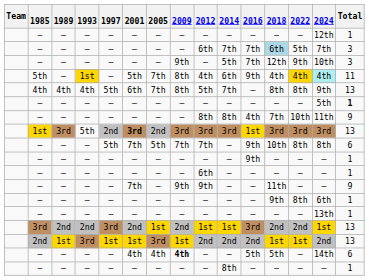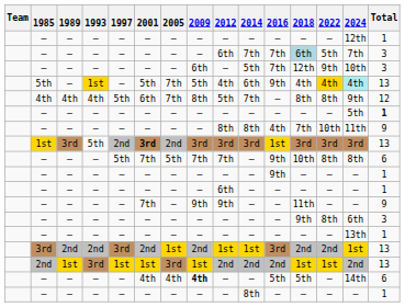 <table class="wikitable sortable" style="text-align:center; font-size:90%">
 <tr>
 <th>Team</th>
 <th><br>1985</th>
 <th><br>1989</th>
 <th><br>1993</th>
 <th><br>1997</th>
 <th><br>2001</th>
 <th><br>2005</th>
 <th><br><a href='#'>2009</a></th>
 <th><br><a href='#'>2012</a></th>
 <th><br><a href='#'>2014</a></th>
 <th><br><a href='#'>2016</a></th>
 <th><br><a href='#'>2018</a></th>
 <th><br><a href='#'>2022</a></th>
 <th><br><a href='#'>2024</a></th>
 <th>Total</th>
 </tr>
 <tr>
 <td align="left"></td>
 <td>–</td>
 <td>–</td>
 <td>–</td>
 <td>–</td>
 <td>–</td>
 <td>–</td>
 <td>–</td>
 <td>–</td>
 <td>–</td>
 <td>–</td>
 <td>–</td>
 <td>–</td>
 <td>12th</td>
 <td>1</td>
 </tr>
 <tr>
 <td align="left"></td>
 <td>–</td>
 <td>–</td>
 <td>–</td>
 <td>–</td>
 <td>–</td>
 <td>–</td>
 <td>–</td>
 <td>6th</td>
 <td>7th</td>
 <td>7th</td>
 <td style="background: lightblue;">6th</td>
 <td>5th</td>
 <td>7th</td>
 <td>3</td>
 </tr>
 <tr>
 <td align="left"></td>
 <td>–</td>
 <td>–</td>
 <td>–</td>
 <td>–</td>
 <td>–</td>
 <td>–</td>
-<td>9th</td>
+<td>6th</td>
 <td>–</td>
 <td>5th</td>
 <td>7th</td>
 <td>12th</td>
 <td>9th</td>
 <td>10th</td>
 <td>3</td>
 </tr>
 <tr>
 <td align="left"></td>
 <td>5th</td>
 <td>–</td>
 <td bgcolor="#FFD700">1st</td>
 <td>–</td>
 <td>5th</td>
 <td>7th</td>
-<td>8th</td>
+<td>5th</td>
 <td>4th</td>
 <td>6th</td>
 <td>9th</td>
 <td>4th</td>
 <td style="background: gold;">4th</td>
 <td style="background: paleturquoise;">4th</td>
-<td>11</td>
+<td>13</td>
 </tr>
 <tr>
 <td align="left"></td>
 <td>4th</td>
 <td>4th</td>
 <td>4th</td>
 <td>5th</td>
 <td>6th</td>
 <td>7th</td>
 <td>8th</td>
 <td>5th</td>
 <td>7th</td>
 <td>–</td>
 <td>8th</td>
 <td>8th</td>
 <td>9th</td>
-<td>13</td>
+<td>12</td>
 </tr>
 <tr>
 <td align="left"></td>
 <td>–</td>
 <td>–</td>
 <td>–</td>
 <td>–</td>
 <td>–</td>
 <td>–</td>
 <td>–</td>
 <td>–</td>
 <td>–</td>
 <td>–</td>
 <td>–</td>
 <td>–</td>
 <td>5th</td>
 <td><strong>1</strong></td>
 </tr>
 <tr>
 <td align="left"></td>
 <td>–</td>
 <td>–</td>
 <td>–</td>
 <td>–</td>
 <td>–</td>
 <td>–</td>
 <td>–</td>
 <td>8th</td>
 <td>8th</td>
 <td>4th</td>
 <td>7th</td>
 <td>10th</td>
 <td>11th</td>
 <td>9</td>
 </tr>
 <tr>
 <td align="left"></td>
 <td bgcolor="#FFD700">1st</td>
 <td bgcolor="#BF8E61">3rd</td>
 <td>5th</td>
 <td bgcolor="#C0C0C0">2nd</td>
 <td bgcolor="#BF8E61"><strong>3rd</strong></td>
 <td bgcolor="#C0C0C0">2nd</td>
 <td bgcolor="#BF8E61">3rd</td>
 <td bgcolor="#BF8E61">3rd</td>
 <td bgcolor="#BF8E61">3rd</td>
 <td bgcolor="#FFD700">1st</td>
 <td bgcolor="#BF8E61">3rd</td>
 <td bgcolor="#BF8E61">3rd</td>
 <td bgcolor="#BF8E61">3rd</td>
 <td>13</td>
 </tr>
 <tr>
 <td align="left"></td>
 <td>–</td>
 <td>–</td>
 <td>–</td>
 <td>5th</td>
 <td>7th</td>
 <td>5th</td>
 <td>7th</td>
 <td>7th</td>
 <td>–</td>
 <td>9th</td>
 <td>10th</td>
 <td>8th</td>
 <td>8th</td>
 <td>6</td>
 </tr>
 <tr>
 <td align="left"></td>
 <td>–</td>
 <td>–</td>
 <td>–</td>
 <td>–</td>
 <td>–</td>
 <td>–</td>
 <td>–</td>
 <td>–</td>
 <td>–</td>
 <td>9th</td>
 <td>–</td>
 <td>–</td>
 <td>–</td>
 <td>1</td>
 </tr>
 <tr>
 <td align="left"></td>
 <td>–</td>
 <td>–</td>
 <td>–</td>
 <td>–</td>
 <td>–</td>
 <td>–</td>
 <td>–</td>
 <td>6th</td>
 <td>–</td>
 <td>–</td>
 <td>–</td>
 <td>–</td>
 <td>–</td>
 <td>1</td>
 </tr>
 <tr>
 <td align="left"></td>
 <td>–</td>
 <td>–</td>
 <td>–</td>
 <td>–</td>
 <td>7th</td>
 <td>–</td>
 <td>9th</td>
 <td>9th</td>
 <td>–</td>
 <td>–</td>
 <td>11th</td>
 <td>–</td>
 <td>–</td>
 <td>9</td>
 </tr>
 <tr>
 <td align="left"></td>
 <td>–</td>
 <td>–</td>
 <td>–</td>
 <td>–</td>
 <td>–</td>
 <td>–</td>
 <td>–</td>
 <td>–</td>
 <td>–</td>
 <td>–</td>
 <td>9th</td>
 <td>8th</td>
 <td>6th</td>
-<td>1</td>
+<td>3</td>
 </tr>
 <tr>
 <td align="left"></td>
 <td>–</td>
 <td>–</td>
 <td>–</td>
 <td>–</td>
 <td>–</td>
 <td>–</td>
 <td>–</td>
 <td>–</td>
 <td>–</td>
 <td>–</td>
 <td>–</td>
 <td>–</td>
 <td>13th</td>
 <td>1</td>
 </tr>
 <tr>
 <td align="left"></td>
 <td bgcolor="#BF8E61">3rd</td>
 <td bgcolor="#C0C0C0">2nd</td>
 <td bgcolor="#C0C0C0">2nd</td>
 <td bgcolor="#BF8E61">3rd</td>
 <td bgcolor="#C0C0C0">2nd</td>
 <td bgcolor="#FFD700">1st</td>
 <td bgcolor="#C0C0C0">2nd</td>
 <td bgcolor="#FFD700">1st</td>
 <td bgcolor="#FFD700">1st</td>
 <td bgcolor="#BF8E61">3rd</td>
 <td bgcolor="#C0C0C0">2nd</td>
 <td bgcolor="#C0C0C0">2nd</td>
 <td bgcolor="#FFD700">1st</td>
 <td>13</td>
 </tr>
 <tr>
 <td align="left"></td>
 <td bgcolor="#C0C0C0">2nd</td>
 <td bgcolor="#FFD700">1st</td>
 <td bgcolor="#BF8E61">3rd</td>
 <td bgcolor="#FFD700">1st</td>
 <td bgcolor="#FFD700">1st</td>
 <td bgcolor="#BF8E61">3rd</td>
 <td bgcolor="#FFD700">1st</td>
 <td bgcolor="#C0C0C0">2nd</td>
 <td bgcolor="#C0C0C0">2nd</td>
 <td bgcolor="#C0C0C0">2nd</td>
 <td bgcolor="#FFD700">1st</td>
 <td bgcolor="#FFD700">1st</td>
 <td bgcolor="#C0C0C0">2nd</td>
 <td>13</td>
 </tr>
 <tr>
 <td align="left"></td>
 <td>–</td>
 <td>–</td>
 <td>–</td>
 <td>–</td>
 <td>4th</td>
 <td>4th</td>
 <td><strong>4th</strong></td>
 <td>–</td>
 <td>–</td>
 <td>5th</td>
 <td>5th</td>
 <td>–</td>
 <td>14th</td>
 <td>6</td>
 </tr>
 <tr>
 <td align="left"></td>
 <td>–</td>
 <td>–</td>
 <td>–</td>
 <td>–</td>
 <td>–</td>
 <td>–</td>
 <td>–</td>
 <td>–</td>
 <td>8th</td>
 <td>–</td>
 <td>–</td>
 <td>–</td>
 <td>–</td>
 <td>1</td>
 </tr>
 </table>
